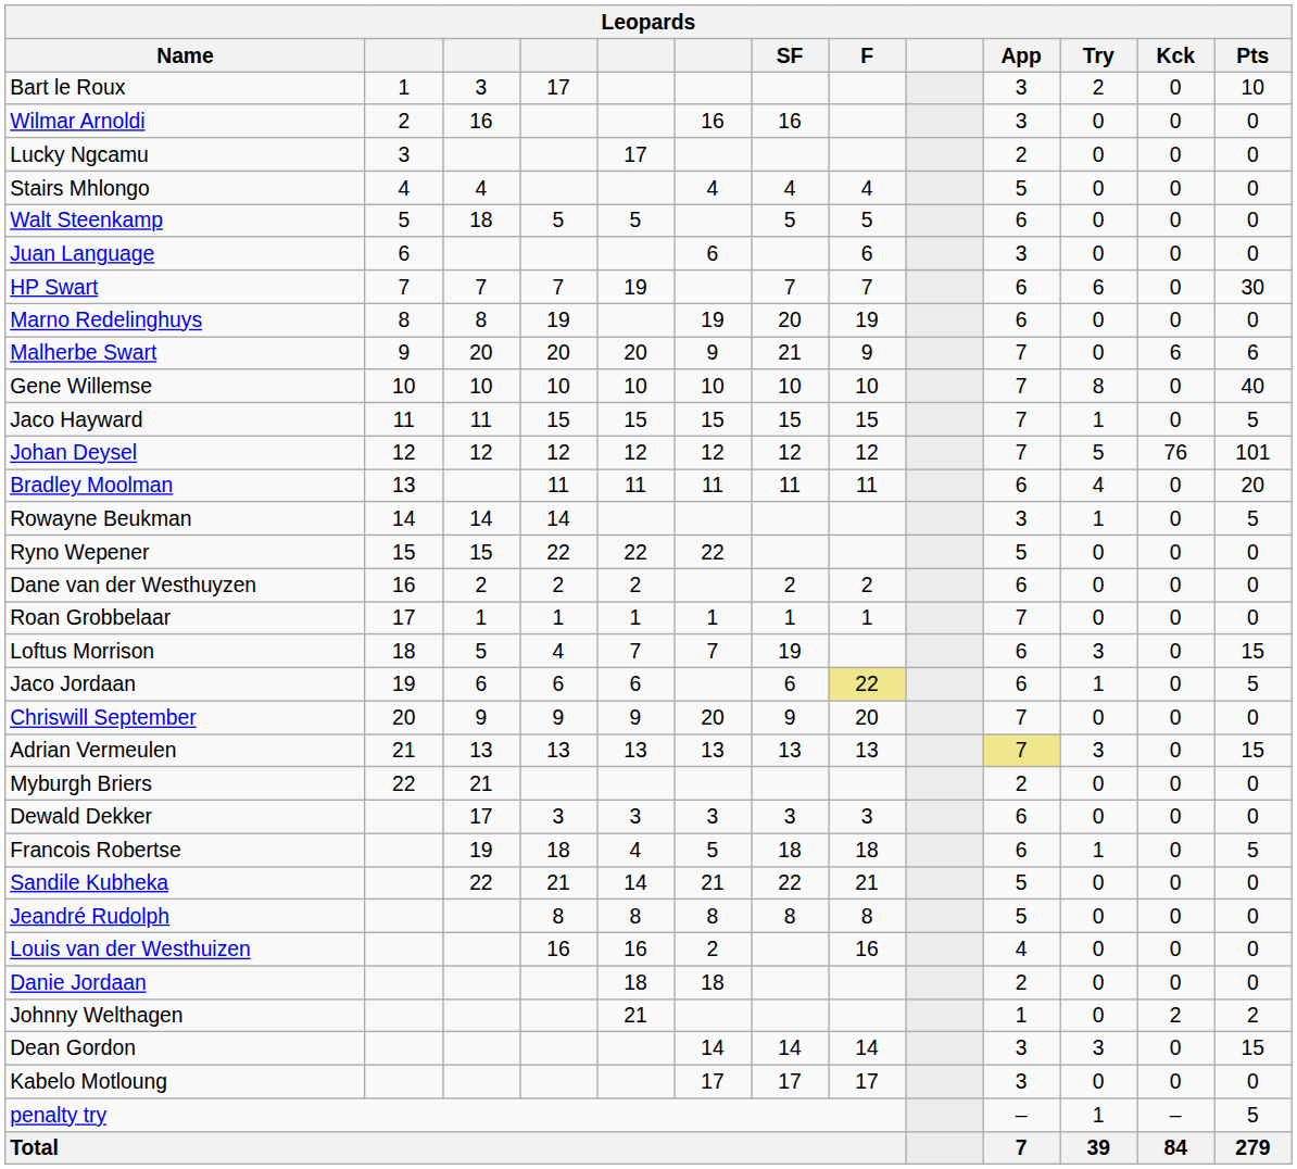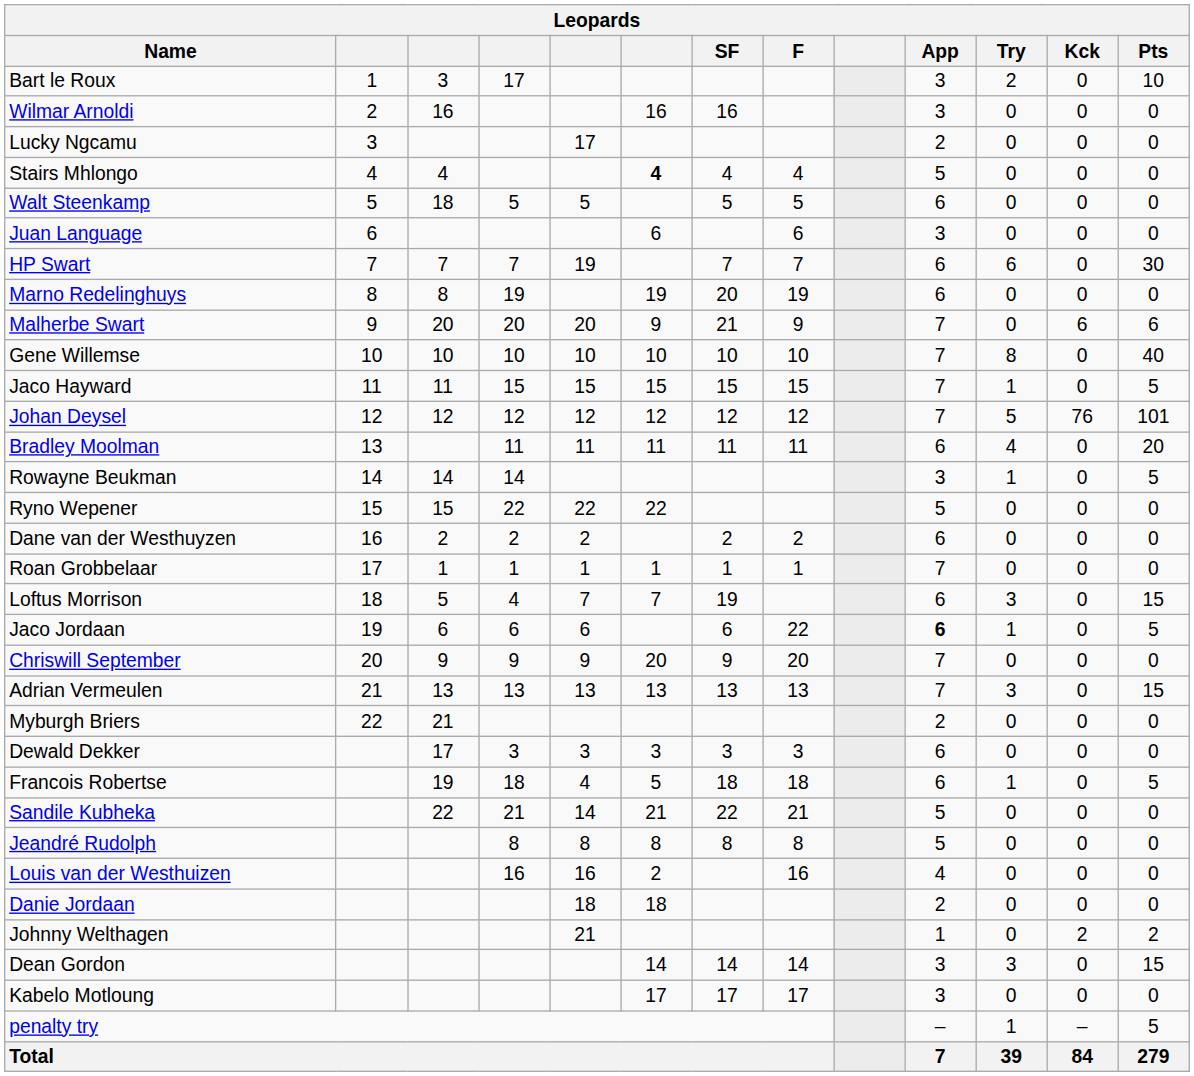 <table class="wikitable collapsible collapsed sortable" style="text-align:center; font-size:90%; width:70%">
 <tr>
 <th colspan="100%">Leopards</th>
 </tr>
 <tr>
 <th style="width:28%;">Name</th>
 <th style="width:6%;"></th>
 <th style="width:6%;"></th>
 <th style="width:6%;"></th>
 <th style="width:6%;"></th>
 <th style="width:6%;"></th>
 <th style="width:6%;">SF</th>
 <th style="width:6%;">F</th>
 <th style="width:6%;"></th>
 <th style="width:6%;">App</th>
 <th style="width:6%;">Try</th>
 <th style="width:6%;">Kck</th>
 <th style="width:6%;">Pts</th>
 </tr>
 <tr>
 <td style="text-align:left;">Bart le Roux</td>
 <td>1</td>
 <td>3</td>
 <td>17 </td>
 <td></td>
 <td></td>
 <td></td>
 <td></td>
 <td style="background:#ECECEC;"></td>
 <td>3</td>
 <td>2</td>
 <td>0</td>
 <td>10</td>
 </tr>
 <tr>
 <td style="text-align:left;"><a href='#'>Wilmar Arnoldi</a></td>
 <td>2</td>
 <td>16</td>
 <td></td>
 <td></td>
 <td>16 </td>
 <td>16 </td>
 <td></td>
 <td style="background:#ECECEC;"></td>
 <td>3</td>
 <td>0</td>
 <td>0</td>
 <td>0</td>
 </tr>
 <tr>
 <td style="text-align:left;">Lucky Ngcamu</td>
 <td>3</td>
 <td></td>
 <td></td>
 <td>17 </td>
 <td></td>
 <td></td>
 <td></td>
 <td style="background:#ECECEC;"></td>
 <td>2</td>
 <td>0</td>
 <td>0</td>
 <td>0</td>
 </tr>
 <tr>
 <td style="text-align:left;">Stairs Mhlongo</td>
 <td>4</td>
 <td>4</td>
 <td></td>
 <td></td>
-<td>4</td>
+<td><strong>4</strong></td>
 <td>4</td>
 <td>4</td>
 <td style="background:#ECECEC;"></td>
 <td>5</td>
 <td>0</td>
 <td>0</td>
 <td>0</td>
 </tr>
 <tr>
 <td style="text-align:left;"><a href='#'>Walt Steenkamp</a></td>
 <td>5</td>
 <td>18 </td>
 <td>5</td>
 <td>5</td>
 <td></td>
 <td>5</td>
 <td>5</td>
 <td style="background:#ECECEC;"></td>
 <td>6</td>
 <td>0</td>
 <td>0</td>
 <td>0</td>
 </tr>
 <tr>
 <td style="text-align:left;"><a href='#'>Juan Language</a></td>
 <td>6</td>
 <td></td>
 <td></td>
 <td></td>
 <td>6</td>
 <td></td>
 <td>6</td>
 <td style="background:#ECECEC;"></td>
 <td>3</td>
 <td>0</td>
 <td>0</td>
 <td>0</td>
 </tr>
 <tr>
 <td style="text-align:left;"><a href='#'>HP Swart</a></td>
 <td>7</td>
 <td>7</td>
 <td>7</td>
 <td>19 </td>
 <td></td>
 <td>7</td>
 <td>7</td>
 <td style="background:#ECECEC;"></td>
 <td>6</td>
 <td>6</td>
 <td>0</td>
 <td>30</td>
 </tr>
 <tr>
 <td style="text-align:left;"><a href='#'>Marno Redelinghuys</a></td>
 <td>8</td>
 <td>8</td>
 <td>19 </td>
 <td></td>
 <td>19 </td>
 <td>20 </td>
 <td>19 </td>
 <td style="background:#ECECEC;"></td>
 <td>6</td>
 <td>0</td>
 <td>0</td>
 <td>0</td>
 </tr>
 <tr>
 <td style="text-align:left;"><a href='#'>Malherbe Swart</a></td>
 <td>9</td>
 <td>20 </td>
 <td>20 </td>
 <td>20 </td>
 <td>9</td>
 <td>21 </td>
 <td>9</td>
 <td style="background:#ECECEC;"></td>
 <td>7</td>
 <td>0</td>
 <td>6</td>
 <td>6</td>
 </tr>
 <tr>
 <td style="text-align:left;">Gene Willemse</td>
 <td>10</td>
 <td>10</td>
 <td>10</td>
 <td>10</td>
 <td>10</td>
 <td>10</td>
 <td>10</td>
 <td style="background:#ECECEC;"></td>
 <td>7</td>
 <td>8</td>
 <td>0</td>
 <td>40</td>
 </tr>
 <tr>
 <td style="text-align:left;">Jaco Hayward</td>
 <td>11</td>
 <td>11</td>
 <td>15</td>
 <td>15</td>
 <td>15</td>
 <td>15</td>
 <td>15</td>
 <td style="background:#ECECEC;"></td>
 <td>7</td>
 <td>1</td>
 <td>0</td>
 <td>5</td>
 </tr>
 <tr>
 <td style="text-align:left;"><a href='#'>Johan Deysel</a></td>
 <td>12</td>
 <td>12</td>
 <td>12</td>
 <td>12</td>
 <td>12</td>
 <td>12</td>
 <td>12</td>
 <td style="background:#ECECEC;"></td>
 <td>7</td>
 <td>5</td>
 <td>76</td>
 <td>101</td>
 </tr>
 <tr>
 <td style="text-align:left;"><a href='#'>Bradley Moolman</a></td>
 <td>13</td>
 <td></td>
 <td>11</td>
 <td>11</td>
 <td>11</td>
 <td>11</td>
 <td>11</td>
 <td style="background:#ECECEC;"></td>
 <td>6</td>
 <td>4</td>
 <td>0</td>
 <td>20</td>
 </tr>
 <tr>
 <td style="text-align:left;">Rowayne Beukman</td>
 <td>14</td>
 <td>14</td>
 <td>14</td>
 <td></td>
 <td></td>
 <td></td>
 <td></td>
 <td style="background:#ECECEC;"></td>
 <td>3</td>
 <td>1</td>
 <td>0</td>
 <td>5</td>
 </tr>
 <tr>
 <td style="text-align:left;">Ryno Wepener</td>
 <td>15</td>
 <td>15</td>
 <td>22 </td>
 <td>22 </td>
 <td>22 </td>
 <td></td>
 <td></td>
 <td style="background:#ECECEC;"></td>
 <td>5</td>
 <td>0</td>
 <td>0</td>
 <td>0</td>
 </tr>
 <tr>
 <td style="text-align:left;">Dane van der Westhuyzen</td>
 <td>16 </td>
 <td>2</td>
 <td>2</td>
 <td>2</td>
 <td></td>
 <td>2</td>
 <td>2</td>
 <td style="background:#ECECEC;"></td>
 <td>6</td>
 <td>0</td>
 <td>0</td>
 <td>0</td>
 </tr>
 <tr>
 <td style="text-align:left;">Roan Grobbelaar</td>
 <td>17 </td>
 <td>1</td>
 <td>1</td>
 <td>1</td>
 <td>1</td>
 <td>1</td>
 <td>1</td>
 <td style="background:#ECECEC;"></td>
 <td>7</td>
 <td>0</td>
 <td>0</td>
 <td>0</td>
 </tr>
 <tr>
 <td style="text-align:left;">Loftus Morrison</td>
 <td>18 </td>
 <td>5</td>
 <td>4</td>
 <td>7</td>
 <td>7</td>
 <td>19 </td>
 <td></td>
 <td style="background:#ECECEC;"></td>
 <td>6</td>
 <td>3</td>
 <td>0</td>
 <td>15</td>
 </tr>
 <tr>
 <td style="text-align:left;">Jaco Jordaan</td>
 <td>19 </td>
 <td>6</td>
 <td>6</td>
 <td>6</td>
 <td></td>
 <td>6</td>
-<td style="background: khaki;">22 </td>
+<td>22 </td>
 <td style="background:#ECECEC;"></td>
-<td>6</td>
+<td><strong>6</strong></td>
 <td>1</td>
 <td>0</td>
 <td>5</td>
 </tr>
 <tr>
 <td style="text-align:left;"><a href='#'>Chriswill September</a></td>
 <td>20 </td>
 <td>9</td>
 <td>9</td>
 <td>9</td>
 <td>20 </td>
 <td>9</td>
 <td>20 </td>
 <td style="background:#ECECEC;"></td>
 <td>7</td>
 <td>0</td>
 <td>0</td>
 <td>0</td>
 </tr>
 <tr>
 <td style="text-align:left;">Adrian Vermeulen</td>
 <td>21 </td>
 <td>13</td>
 <td>13</td>
 <td>13</td>
 <td>13</td>
 <td>13</td>
 <td>13</td>
 <td style="background:#ECECEC;"></td>
-<td style="background: khaki;">7</td>
+<td>7</td>
 <td>3</td>
 <td>0</td>
 <td>15</td>
 </tr>
 <tr>
 <td style="text-align:left;">Myburgh Briers</td>
 <td>22 </td>
 <td>21 </td>
 <td></td>
 <td></td>
 <td></td>
 <td></td>
 <td></td>
 <td style="background:#ECECEC;"></td>
 <td>2</td>
 <td>0</td>
 <td>0</td>
 <td>0</td>
 </tr>
 <tr>
 <td style="text-align:left;">Dewald Dekker</td>
 <td></td>
 <td>17 </td>
 <td>3</td>
 <td>3</td>
 <td>3</td>
 <td>3</td>
 <td>3</td>
 <td style="background:#ECECEC;"></td>
 <td>6</td>
 <td>0</td>
 <td>0</td>
 <td>0</td>
 </tr>
 <tr>
 <td style="text-align:left;">Francois Robertse</td>
 <td></td>
 <td>19 </td>
 <td>18 </td>
 <td>4</td>
 <td>5</td>
 <td>18 </td>
 <td>18 </td>
 <td style="background:#ECECEC;"></td>
 <td>6</td>
 <td>1</td>
 <td>0</td>
 <td>5</td>
 </tr>
 <tr>
 <td style="text-align:left;"><a href='#'>Sandile Kubheka</a></td>
 <td></td>
 <td>22 </td>
 <td>21 </td>
 <td>14</td>
 <td>21 </td>
 <td>22</td>
 <td>21 </td>
 <td style="background:#ECECEC;"></td>
 <td>5</td>
 <td>0</td>
 <td>0</td>
 <td>0</td>
 </tr>
 <tr>
 <td style="text-align:left;"><a href='#'>Jeandré Rudolph</a></td>
 <td></td>
 <td></td>
 <td>8</td>
 <td>8</td>
 <td>8</td>
 <td>8</td>
 <td>8</td>
 <td style="background:#ECECEC;"></td>
 <td>5</td>
 <td>0</td>
 <td>0</td>
 <td>0</td>
 </tr>
 <tr>
 <td style="text-align:left;"><a href='#'>Louis van der Westhuizen</a></td>
 <td></td>
 <td></td>
 <td>16 </td>
 <td>16 </td>
 <td>2</td>
 <td></td>
 <td>16 </td>
 <td style="background:#ECECEC;"></td>
 <td>4</td>
 <td>0</td>
 <td>0</td>
 <td>0</td>
 </tr>
 <tr>
 <td style="text-align:left;"><a href='#'>Danie Jordaan</a></td>
 <td></td>
 <td></td>
 <td></td>
 <td>18 </td>
 <td>18 </td>
 <td></td>
 <td></td>
 <td style="background:#ECECEC;"></td>
 <td>2</td>
 <td>0</td>
 <td>0</td>
 <td>0</td>
 </tr>
 <tr>
 <td style="text-align:left;">Johnny Welthagen</td>
 <td></td>
 <td></td>
 <td></td>
 <td>21 </td>
 <td></td>
 <td></td>
 <td></td>
 <td style="background:#ECECEC;"></td>
 <td>1</td>
 <td>0</td>
 <td>2</td>
 <td>2</td>
 </tr>
 <tr>
 <td style="text-align:left;">Dean Gordon</td>
 <td></td>
 <td></td>
 <td></td>
 <td></td>
 <td>14</td>
 <td>14</td>
 <td>14</td>
 <td style="background:#ECECEC;"></td>
 <td>3</td>
 <td>3</td>
 <td>0</td>
 <td>15</td>
 </tr>
 <tr>
 <td style="text-align:left;">Kabelo Motloung</td>
 <td></td>
 <td></td>
 <td></td>
 <td></td>
 <td>17 </td>
 <td>17 </td>
 <td>17 </td>
 <td style="background:#ECECEC;"></td>
 <td>3</td>
 <td>0</td>
 <td>0</td>
 <td>0</td>
 </tr>
 <tr>
 <td colspan="8" style="text-align:left;"><a href='#'>penalty try</a></td>
 <td style="background:#ECECEC;"></td>
 <td>–</td>
 <td>1</td>
 <td>–</td>
 <td>5</td>
 </tr>
 <tr>
 <th colspan="8" style="text-align:left;">Total</th>
 <th style="background:#ECECEC;"></th>
 <th>7</th>
 <th>39</th>
 <th>84</th>
 <th>279</th>
 </tr>
 </table>
